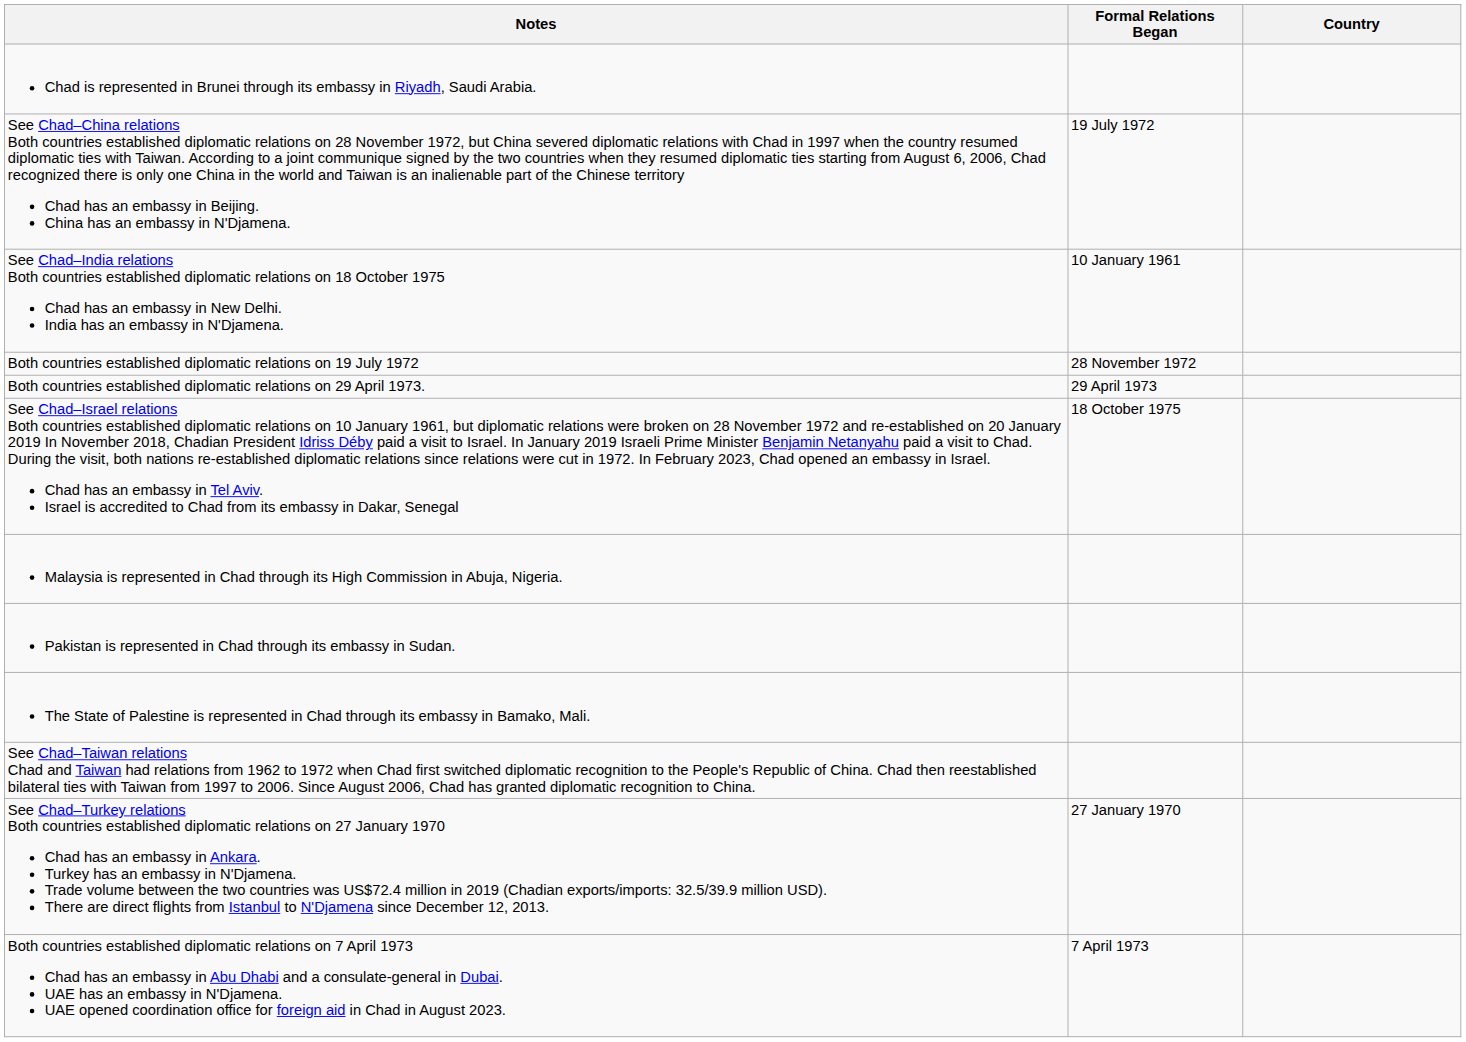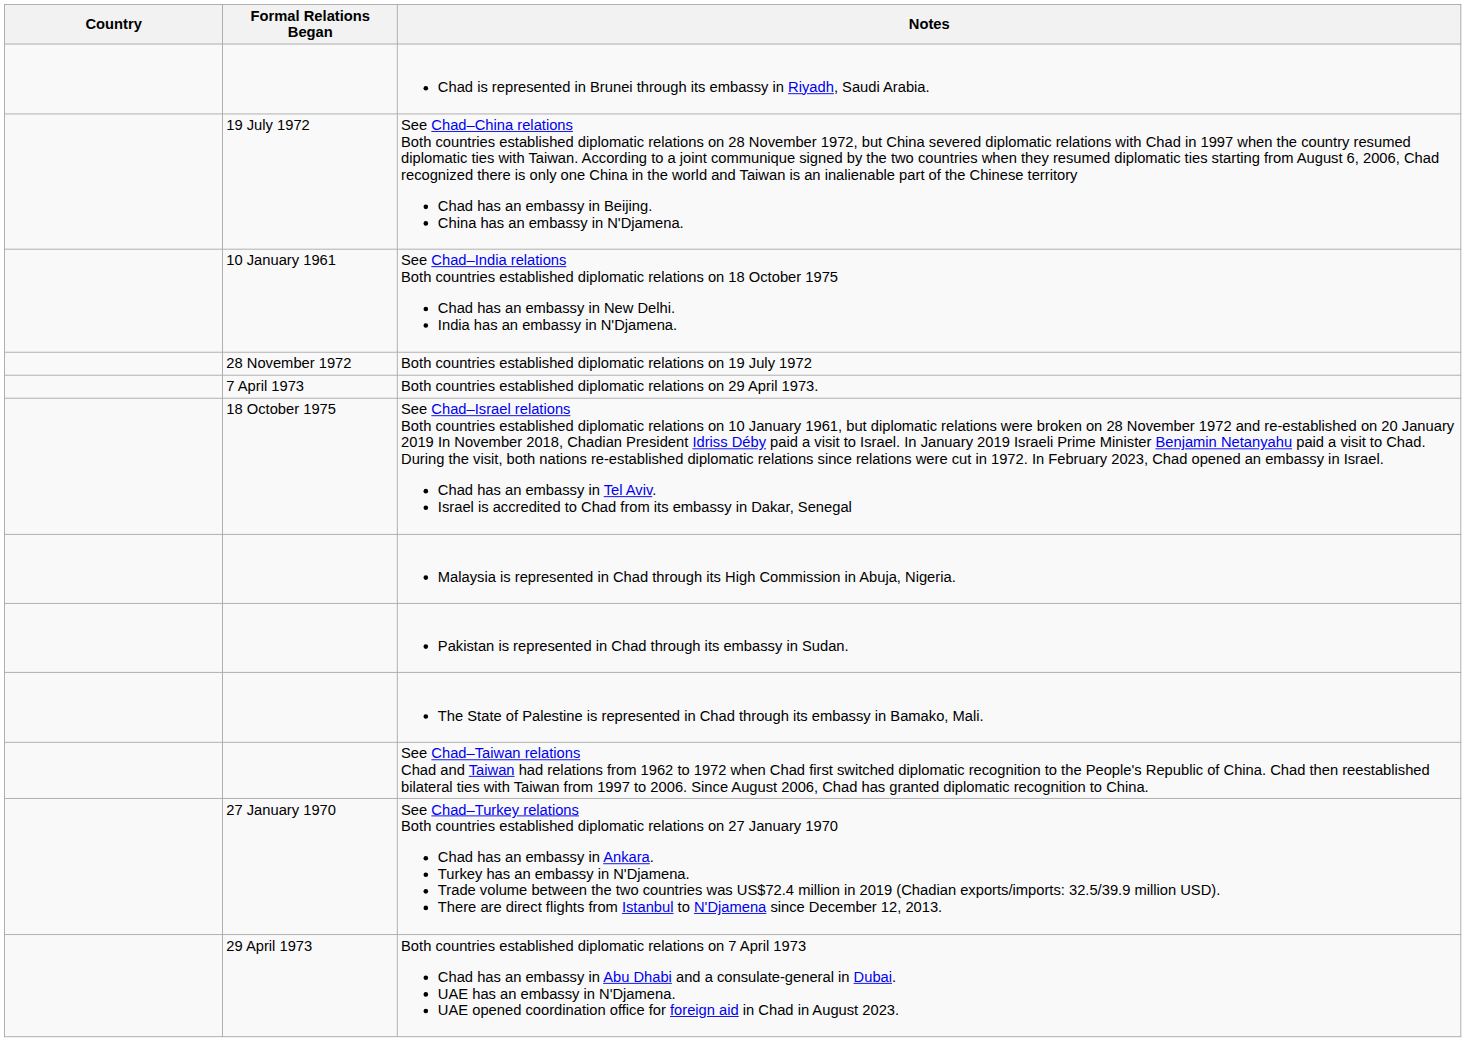 <table class="wikitable sortable" style="width:100%; margin:auto;">
 <tr>
+<th style="width:15%;">Country</th>
+<th style="width:12%;">Formal Relations Began</th>
 <th>Notes</th>
-<th style="width:12%;">Formal Relations Began</th>
-<th style="width:15%;">Country</th>
 </tr>
 <tr>
-<td><br><ul><li>Chad is represented in Brunei through its embassy in <a href='#'>Riyadh</a>, Saudi Arabia.</li></ul></td>
 <td></td>
 <td></td>
+<td><br><ul><li>Chad is represented in Brunei through its embassy in <a href='#'>Riyadh</a>, Saudi Arabia.</li></ul></td>
 </tr>
 <tr valign="top">
+<td></td>
+<td>19 July 1972</td>
 <td>See <a href='#'>Chad–China relations</a><br>Both countries established diplomatic relations on 28 November 1972, but China severed diplomatic relations with Chad in 1997 when the country resumed diplomatic ties with Taiwan. According to a joint communique signed by the two countries when they resumed diplomatic ties starting from August 6, 2006, Chad recognized there is only one China in the world and Taiwan is an inalienable part of the Chinese territory<ul><li>Chad has an embassy in Beijing.</li><li>China has an embassy in N'Djamena.</li></ul></td>
-<td>19 July 1972</td>
-<td></td>
 </tr>
 <tr valign="top">
+<td></td>
+<td>10 January 1961</td>
 <td>See <a href='#'>Chad–India relations</a><br>Both countries established diplomatic relations on 18 October 1975<ul><li>Chad has an embassy in New Delhi.</li><li>India has an embassy in N'Djamena.</li></ul></td>
-<td>10 January 1961</td>
-<td></td>
 </tr>
 <tr>
+<td></td>
+<td>28 November 1972</td>
 <td>Both countries established diplomatic relations on 19 July 1972</td>
-<td>28 November 1972</td>
-<td></td>
 </tr>
 <tr>
+<td></td>
+<td>7 April 1973</td>
 <td>Both countries established diplomatic relations on 29 April 1973.</td>
-<td>29 April 1973</td>
-<td></td>
 </tr>
 <tr valign="top">
+<td></td>
+<td>18 October 1975</td>
 <td>See <a href='#'>Chad–Israel relations</a><br>Both countries established diplomatic relations on 10 January 1961, but diplomatic relations were broken on 28 November 1972 and re-established on 20 January 2019 In November 2018, Chadian President <a href='#'>Idriss Déby</a> paid a visit to Israel. In January 2019 Israeli Prime Minister <a href='#'>Benjamin Netanyahu</a> paid a visit to Chad. During the visit, both nations re-established diplomatic relations since relations were cut in 1972. In February 2023, Chad opened an embassy in Israel.<ul><li>Chad has an embassy in <a href='#'>Tel Aviv</a>.</li><li>Israel is accredited to Chad from its embassy in Dakar, Senegal</li></ul></td>
-<td>18 October 1975</td>
-<td></td>
 </tr>
 <tr>
-<td><br><ul><li>Malaysia is represented in Chad through its High Commission in Abuja, Nigeria.</li></ul></td>
 <td></td>
 <td></td>
+<td><br><ul><li>Malaysia is represented in Chad through its High Commission in Abuja, Nigeria.</li></ul></td>
 </tr>
 <tr>
-<td><br><ul><li>Pakistan is represented in Chad through its embassy in Sudan.</li></ul></td>
 <td></td>
 <td></td>
+<td><br><ul><li>Pakistan is represented in Chad through its embassy in Sudan.</li></ul></td>
 </tr>
 <tr>
-<td><br><ul><li>The State of Palestine is represented in Chad through its embassy in Bamako, Mali.</li></ul></td>
 <td></td>
 <td></td>
+<td><br><ul><li>The State of Palestine is represented in Chad through its embassy in Bamako, Mali.</li></ul></td>
 </tr>
 <tr valign="top">
-<td>See <a href='#'>Chad–Taiwan relations</a><br>Chad and <a href='#'>Taiwan</a> had relations from 1962 to 1972 when Chad first switched diplomatic recognition to the People's Republic of China. Chad then reestablished bilateral ties with Taiwan from 1997 to 2006. Since August 2006, Chad has granted diplomatic recognition to China.</td>
 <td></td>
 <td></td>
+<td>See <a href='#'>Chad–Taiwan relations</a><br>Chad and <a href='#'>Taiwan</a> had relations from 1962 to 1972 when Chad first switched diplomatic recognition to the People's Republic of China. Chad then reestablished bilateral ties with Taiwan from 1997 to 2006. Since August 2006, Chad has granted diplomatic recognition to China.</td>
 </tr>
 <tr valign="top">
+<td></td>
+<td>27 January 1970</td>
 <td>See <a href='#'>Chad–Turkey relations</a><br>Both countries established diplomatic relations on 27 January 1970<ul><li>Chad has an embassy in <a href='#'>Ankara</a>.</li><li>Turkey has an embassy in N'Djamena.</li><li>Trade volume between the two countries was US$72.4 million in 2019 (Chadian exports/imports: 32.5/39.9 million USD).</li><li>There are direct flights from <a href='#'>Istanbul</a> to <a href='#'>N'Djamena</a> since December 12, 2013.</li></ul></td>
-<td>27 January 1970</td>
-<td></td>
 </tr>
 <tr valign="top">
+<td></td>
+<td>29 April 1973</td>
 <td>Both countries established diplomatic relations on 7 April 1973<br><ul><li>Chad has an embassy in <a href='#'>Abu Dhabi</a> and a consulate-general in <a href='#'>Dubai</a>.</li><li>UAE has an embassy in N'Djamena.</li><li>UAE opened coordination office for <a href='#'>foreign aid</a> in Chad in August 2023.</li></ul></td>
-<td>7 April 1973</td>
-<td></td>
 </tr>
 </table>
